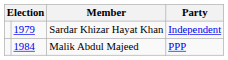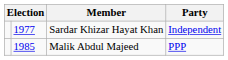 <table class="wikitable">
 <tr>
 <th colspan="2">Election</th>
 <th>Member</th>
 <th>Party</th>
 </tr>
 <tr>
 <td style="background-color: "></td>
-<td><a href='#'>1979</a></td>
+<td><a href='#'>1977</a></td>
 <td>Sardar Khizar Hayat Khan</td>
 <td><a href='#'>Independent</a></td>
 </tr>
 <tr>
 <td style="background-color: "></td>
-<td><a href='#'>1984</a></td>
+<td><a href='#'>1985</a></td>
 <td>Malik Abdul Majeed</td>
 <td><a href='#'>PPP</a></td>
 </tr>
 </table>
